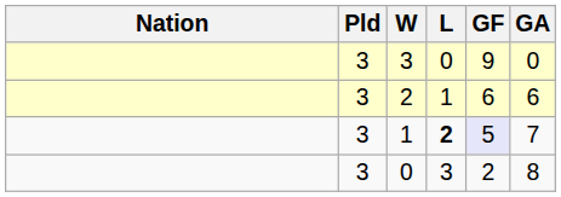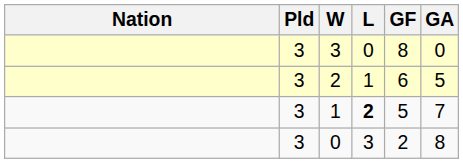 <table class=wikitable style="text-align:center">
 <tr>
 <th width=220>Nation</th>
 <th width=20>Pld</th>
 <th width=20>W</th>
 <th width=20>L</th>
 <th width=20>GF</th>
 <th width=20>GA</th>
 </tr>
 <tr bgcolor=#ffffcc>
 <td align=left></td>
 <td>3</td>
 <td>3</td>
 <td>0</td>
-<td>9</td>
+<td>8</td>
 <td>0</td>
 </tr>
 <tr bgcolor=#ffffcc>
 <td align=left></td>
 <td>3</td>
 <td>2</td>
 <td>1</td>
 <td>6</td>
-<td>6</td>
+<td>5</td>
 </tr>
 <tr>
 <td align=left></td>
 <td>3</td>
 <td>1</td>
 <td><strong>2</strong></td>
-<td style="background: lavender;">5</td>
+<td>5</td>
 <td>7</td>
 </tr>
 <tr>
 <td align=left></td>
 <td>3</td>
 <td>0</td>
 <td>3</td>
 <td>2</td>
 <td>8</td>
 </tr>
 </table>
